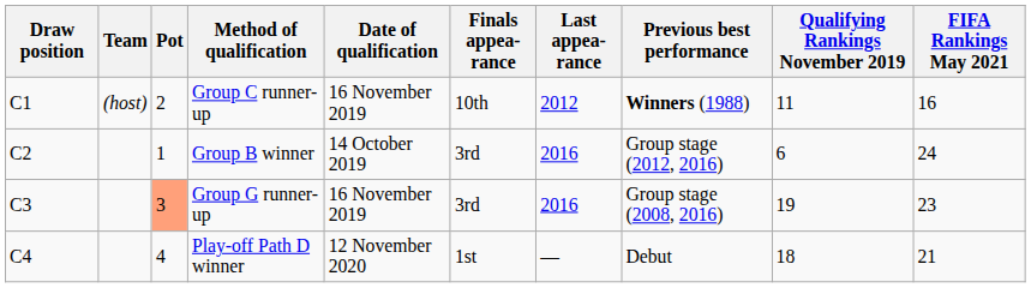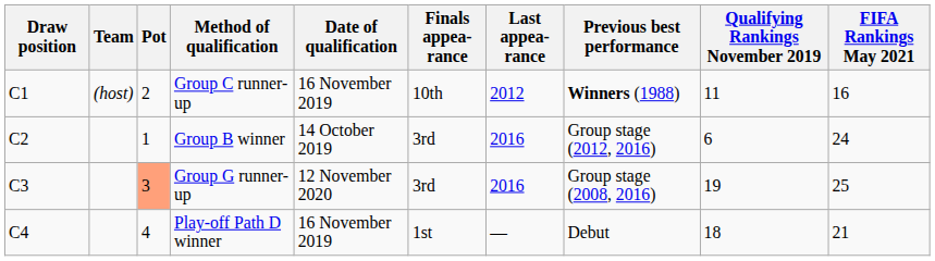 <table class="wikitable sortable">
 <tr>
 <th>Draw posi­tion</th>
 <th>Team</th>
 <th>Pot</th>
 <th>Method of<br>quali­fication</th>
 <th>Date of<br>quali­fication</th>
 <th data-sort-type="number">Finals<br>appea­rance</th>
 <th>Last<br>appea­rance</th>
 <th>Previous best<br>perfor­mance</th>
 <th><a href='#'>Qualifying Rankings</a><br>November 2019</th>
 <th><a href='#'>FIFA Rankings</a><br>May 2021</th>
 </tr>
 <tr>
 <td>C1</td>
 <td style="white-space:nowrap"> <em>(host)</em></td>
 <td>2</td>
 <td><a href='#'>Group C</a> runner-up</td>
 <td>16 November 2019</td>
 <td>10th</td>
 <td><a href='#'>2012</a></td>
 <td data-sort-value="1"><strong>Winners</strong> (<a href='#'>1988</a>)</td>
 <td>11</td>
 <td>16</td>
 </tr>
 <tr>
 <td>C2</td>
 <td style="white-space:nowrap"></td>
 <td>1</td>
 <td><a href='#'>Group B</a> winner</td>
 <td>14 October 2019</td>
 <td>3rd</td>
 <td><a href='#'>2016</a></td>
 <td data-sort-value="17">Group stage (<a href='#'>2012</a>, <a href='#'>2016</a>)</td>
 <td>6</td>
 <td>24</td>
 </tr>
 <tr>
 <td>C3</td>
 <td style="white-space:nowrap"></td>
 <td style="background: lightsalmon;">3</td>
 <td><a href='#'>Group G</a> runner-up</td>
-<td>16 November 2019</td>
+<td>12 November 2020</td>
 <td>3rd</td>
 <td><a href='#'>2016</a></td>
 <td data-sort-value="17">Group stage (<a href='#'>2008</a>, <a href='#'>2016</a>)</td>
 <td>19</td>
-<td>23</td>
+<td>25</td>
 </tr>
 <tr>
 <td>C4</td>
 <td style="white-space:nowrap"></td>
 <td>4</td>
 <td><a href='#'>Play-off Path D</a> winner</td>
-<td>12 November 2020</td>
+<td>16 November 2019</td>
 <td>1st</td>
 <td>—</td>
 <td data-sort-value="99">Debut</td>
 <td>18</td>
 <td>21</td>
 </tr>
 </table>
